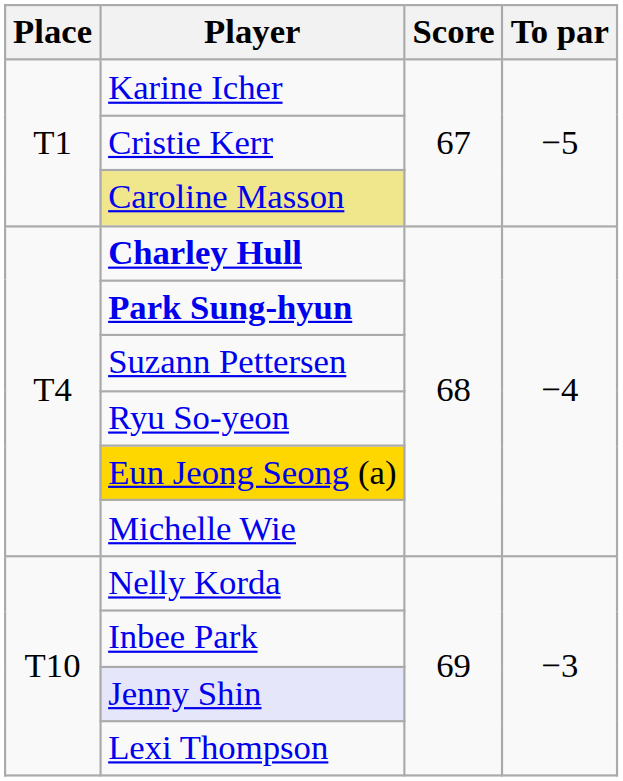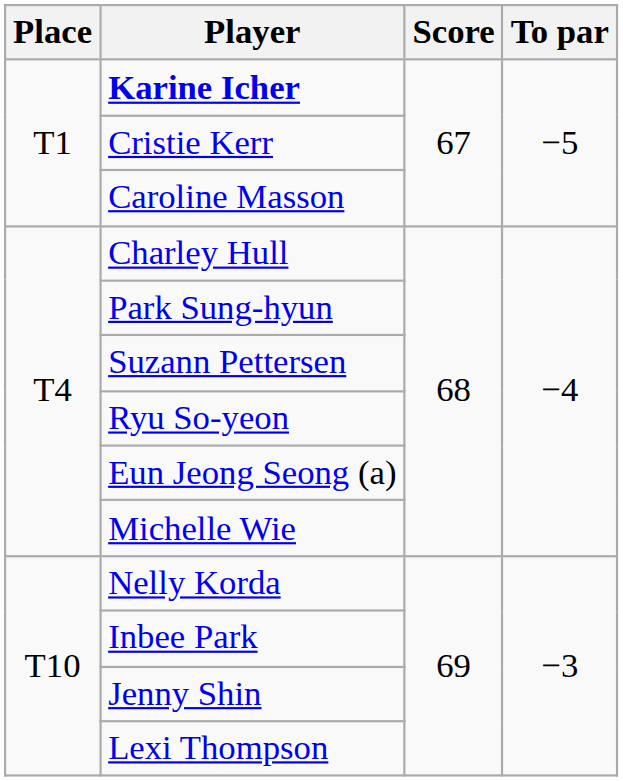 <table class="wikitable">
 <tr>
 <th>Place</th>
 <th>Player</th>
 <th>Score</th>
 <th>To par</th>
 </tr>
 <tr>
 <td rowspan=3 align=center>T1</td>
-<td> <a href='#'>Karine Icher</a></td>
+<td><strong> <a href='#'>Karine Icher</a></strong></td>
 <td rowspan=3 align=center>67</td>
 <td rowspan=3 align=center>−5</td>
 </tr>
 <tr>
 <td> <a href='#'>Cristie Kerr</a></td>
 </tr>
 <tr>
-<td style="background: khaki;"> <a href='#'>Caroline Masson</a></td>
+<td> <a href='#'>Caroline Masson</a></td>
 </tr>
 <tr>
 <td rowspan=6 align=center>T4</td>
-<td><strong> <a href='#'>Charley Hull</a></strong></td>
+<td> <a href='#'>Charley Hull</a></td>
 <td rowspan=6 align=center>68</td>
 <td rowspan=6 align=center>−4</td>
 </tr>
 <tr>
-<td><strong> <a href='#'>Park Sung-hyun</a></strong></td>
+<td> <a href='#'>Park Sung-hyun</a></td>
 </tr>
 <tr>
 <td> <a href='#'>Suzann Pettersen</a></td>
 </tr>
 <tr>
 <td> <a href='#'>Ryu So-yeon</a></td>
 </tr>
 <tr>
-<td style="background: gold;"> <a href='#'>Eun Jeong Seong</a> (a)</td>
+<td> <a href='#'>Eun Jeong Seong</a> (a)</td>
 </tr>
 <tr>
 <td> <a href='#'>Michelle Wie</a></td>
 </tr>
 <tr>
 <td rowspan=4 align=center>T10</td>
 <td> <a href='#'>Nelly Korda</a></td>
 <td rowspan=4 align=center>69</td>
 <td rowspan=4 align=center>−3</td>
 </tr>
 <tr>
 <td> <a href='#'>Inbee Park</a></td>
 </tr>
 <tr>
-<td style="background: lavender;"> <a href='#'>Jenny Shin</a></td>
+<td> <a href='#'>Jenny Shin</a></td>
 </tr>
 <tr>
 <td> <a href='#'>Lexi Thompson</a></td>
 </tr>
 </table>
